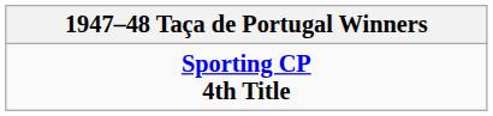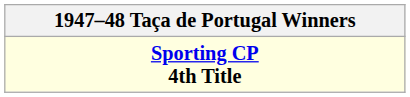 <table class="wikitable" style="text-align: center; margin: 0 auto; width: 20%">
 <tr>
 <th>1947–48 Taça de Portugal Winners</th>
 </tr>
 <tr>
-<td><strong><a href='#'>Sporting CP</a></strong><br><strong>4th Title</strong></td>
+<td style="background: lightyellow;"><strong><a href='#'>Sporting CP</a></strong><br><strong>4th Title</strong></td>
 </tr>
 </table>
